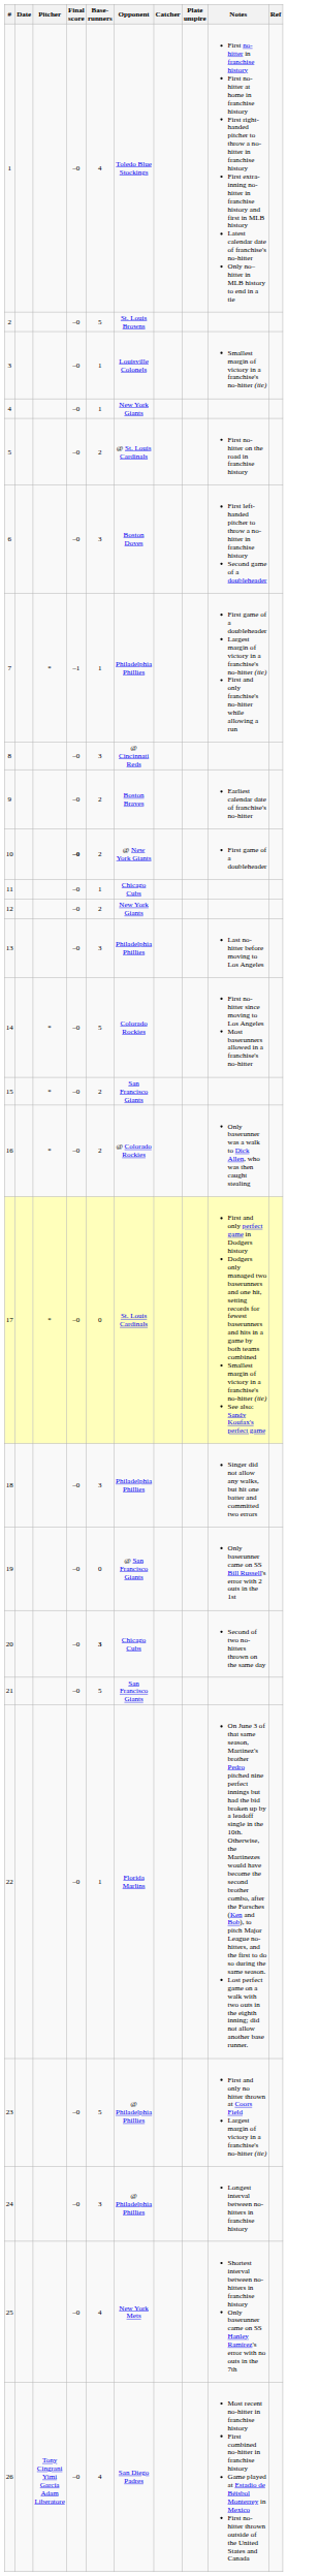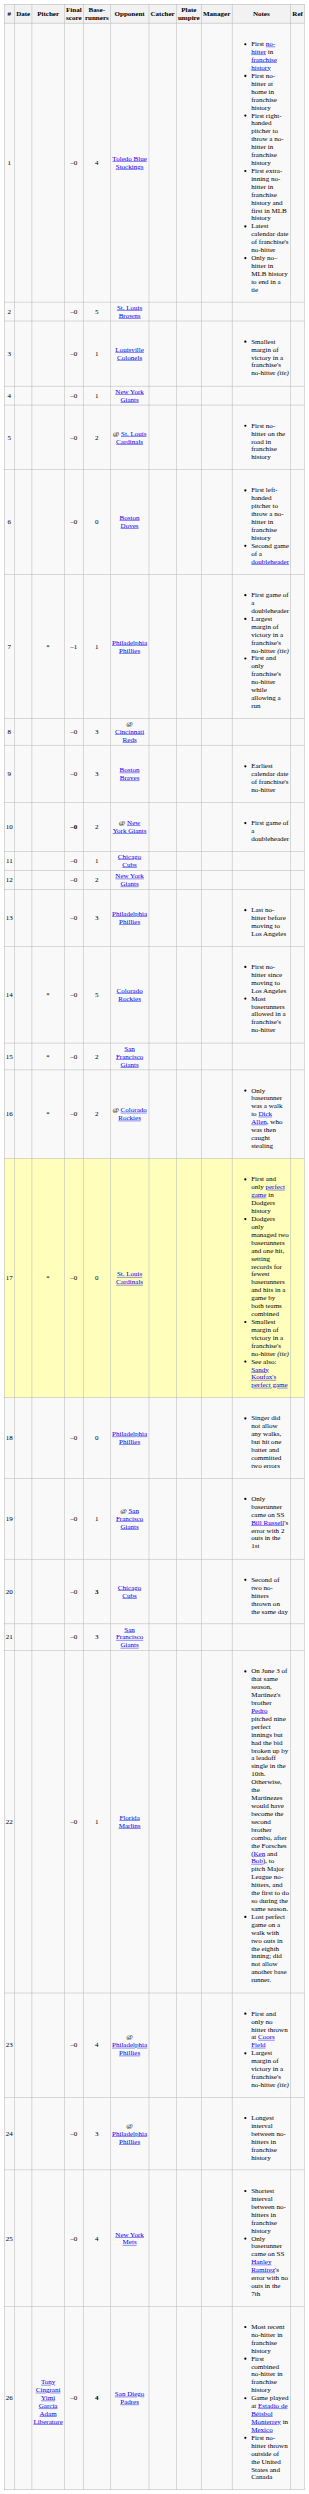 <table class="wikitable sortable" style="text-align:center" border="1">
 <tr>
 <th>#</th>
 <th>Date</th>
 <th>Pitcher</th>
 <th>Final score</th>
 <th>Base-<br>runners</th>
 <th>Opponent</th>
 <th>Catcher</th>
 <th>Plate umpire</th>
+<th>Manager</th>
 <th class="unsortable">Notes</th>
 <th class="unsortable">Ref</th>
 </tr>
 <tr>
 <td>1</td>
 <td></td>
 <td></td>
 <td>–0 </td>
 <td>4</td>
 <td><a href='#'>Toledo Blue Stockings</a></td>
+<td></td>
 <td></td>
 <td></td>
 <td align="left"><br><ul><li>First <a href='#'>no-hitter</a> in <a href='#'>franchise history</a></li><li>First no-hitter at home in franchise history</li><li>First right-handed pitcher to throw a no-hitter in franchise history</li><li>First extra-inning no-hitter in franchise history and first in MLB history</li><li>Latest calendar date of franchise's no-hitter</li><li>Only no–hitter in MLB history to end in a tie</li></ul></td>
 <td></td>
 </tr>
 <tr>
 <td>2</td>
 <td></td>
 <td> </td>
 <td>–0</td>
 <td>5</td>
 <td><a href='#'>St. Louis Browns</a></td>
 <td> </td>
 <td></td>
+<td></td>
 <td align="left"></td>
 <td></td>
 </tr>
 <tr>
 <td>3</td>
 <td></td>
 <td> </td>
 <td>–0</td>
 <td>1</td>
 <td><a href='#'>Louisville Colonels</a></td>
 <td> </td>
 <td></td>
+<td></td>
 <td align="left"><br><ul><li>Smallest margin of victory in a franchise's no-hitter <em>(tie)</em></li></ul></td>
 <td></td>
 </tr>
 <tr>
 <td>4</td>
 <td></td>
 <td></td>
 <td>–0</td>
 <td>1</td>
 <td><a href='#'>New York Giants</a></td>
+<td></td>
 <td></td>
 <td></td>
 <td align="left"></td>
 <td></td>
 </tr>
 <tr>
 <td>5</td>
 <td></td>
 <td></td>
 <td>–0</td>
 <td>2</td>
 <td>@ <a href='#'>St. Louis Cardinals</a></td>
 <td></td>
 <td></td>
+<td> </td>
 <td align="left"><br><ul><li>First no-hitter on the road in franchise history</li></ul></td>
 <td></td>
 </tr>
 <tr>
 <td>6</td>
 <td></td>
 <td></td>
 <td>–0</td>
-<td>3</td>
+<td>0</td>
 <td><a href='#'>Boston Doves</a></td>
 <td></td>
 <td></td>
+<td> </td>
 <td align="left"><br><ul><li>First left-handed pitcher to throw a no-hitter in franchise history</li><li>Second game of a <a href='#'>doubleheader</a></li></ul></td>
 <td></td>
 </tr>
 <tr>
 <td>7</td>
 <td></td>
 <td>*</td>
 <td>–1</td>
 <td>1</td>
 <td><a href='#'>Philadelphia Phillies</a></td>
+<td></td>
 <td></td>
 <td></td>
 <td align="left"><br><ul><li>First game of a doubleheader</li><li>Largest margin of victory in a franchise's no-hitter <em>(tie)</em></li><li>First and only franchise's no-hitter while allowing a run</li></ul></td>
 <td></td>
 </tr>
 <tr>
 <td>8</td>
 <td></td>
 <td></td>
 <td>–0</td>
 <td>3</td>
 <td>@ <a href='#'>Cincinnati Reds</a></td>
 <td></td>
 <td></td>
+<td> </td>
 <td align="left"></td>
 <td></td>
 </tr>
 <tr>
 <td>9</td>
 <td></td>
 <td></td>
 <td>–0</td>
-<td>2</td>
+<td>3</td>
 <td><a href='#'>Boston Braves</a></td>
 <td></td>
+<td> </td>
 <td> </td>
 <td align="left"><br><ul><li>Earliest calendar date of franchise's no-hitter</li></ul></td>
 <td></td>
 </tr>
 <tr>
 <td>10</td>
 <td></td>
 <td></td>
 <td><strong>–0</strong></td>
 <td>2</td>
 <td>@ <a href='#'>New York Giants</a></td>
 <td></td>
 <td> </td>
+<td> </td>
 <td align="left"><br><ul><li>First game of a doubleheader</li></ul></td>
 <td></td>
 </tr>
 <tr>
 <td>11</td>
 <td></td>
 <td> </td>
 <td>–0</td>
 <td>1</td>
 <td><a href='#'>Chicago Cubs</a></td>
 <td> </td>
+<td></td>
 <td></td>
 <td align="left"></td>
 <td></td>
 </tr>
 <tr>
 <td>12</td>
 <td></td>
 <td> </td>
 <td>–0</td>
 <td>2</td>
 <td><a href='#'>New York Giants</a></td>
 <td> </td>
 <td></td>
+<td> </td>
 <td align="left"></td>
 <td></td>
 </tr>
 <tr>
 <td>13</td>
 <td></td>
 <td></td>
 <td>–0</td>
 <td>3</td>
 <td><a href='#'>Philadelphia Phillies</a></td>
 <td> </td>
 <td></td>
+<td> </td>
 <td align="left"><br><ul><li>Last no-hitter before moving to Los Angeles</li></ul></td>
 <td></td>
 </tr>
 <tr>
 <td>14</td>
 <td></td>
 <td>* </td>
 <td>–0</td>
 <td>5</td>
 <td><a href='#'>Colorado Rockies</a></td>
 <td> </td>
 <td></td>
+<td> </td>
 <td align="left"><br><ul><li>First no-hitter since moving to Los Angeles</li><li>Most baserunners allowed in a franchise's no-hitter</li></ul></td>
 <td></td>
 </tr>
 <tr>
 <td>15</td>
 <td></td>
 <td>* </td>
 <td>–0</td>
 <td>2</td>
 <td><a href='#'>San Francisco Giants</a></td>
 <td> </td>
 <td></td>
+<td> </td>
 <td align="left"></td>
 <td></td>
 </tr>
 <tr>
 <td>16</td>
 <td></td>
 <td>* </td>
 <td>–0</td>
 <td>2</td>
 <td>@ <a href='#'>Colorado Rockies</a></td>
 <td></td>
 <td></td>
+<td> </td>
 <td align="left"><br><ul><li>Only baserunner was a walk to <a href='#'>Dick Allen</a>, who was then caught stealing</li></ul></td>
 <td></td>
 </tr>
 <tr bgcolor="#ffffbb">
 <td>17</td>
 <td></td>
 <td>* </td>
 <td>–0</td>
 <td>0</td>
 <td><a href='#'>St. Louis Cardinals</a></td>
 <td> </td>
 <td></td>
+<td> </td>
 <td align="left"><br><ul><li>First and only <a href='#'>perfect game</a> in Dodgers history</li><li>Dodgers only managed two baserunners and one hit, setting records for fewest baserunners and hits in a game by both teams combined</li><li>Smallest margin of victory in a franchise's no-hitter <em>(tie)</em></li><li>See also: <a href='#'>Sandy Koufax's perfect game</a></li></ul></td>
 <td></td>
 </tr>
 <tr>
 <td>18</td>
 <td></td>
 <td></td>
 <td>–0</td>
-<td>3</td>
+<td>0</td>
 <td><a href='#'>Philadelphia Phillies</a></td>
 <td> </td>
 <td></td>
+<td> </td>
 <td align="left"><br><ul><li>Singer did not allow any walks, but hit one batter and committed two errors</li></ul></td>
 <td></td>
 </tr>
 <tr>
 <td>19</td>
 <td></td>
 <td></td>
 <td>–0</td>
-<td>0</td>
+<td>1</td>
 <td>@ <a href='#'>San Francisco Giants</a></td>
 <td></td>
 <td></td>
+<td> </td>
 <td align="left"><br><ul><li>Only baserunner came on SS <a href='#'>Bill Russell</a>'s error with 2 outs in the 1st</li></ul></td>
 <td></td>
 </tr>
 <tr>
 <td>20</td>
 <td></td>
 <td></td>
 <td>–0</td>
 <td><strong>3</strong></td>
 <td><a href='#'>Chicago Cubs</a></td>
 <td> </td>
 <td></td>
+<td> </td>
 <td align="left"><br><ul><li>Second of two no-hitters thrown on the same day</li></ul></td>
 <td></td>
 </tr>
 <tr>
 <td>21</td>
 <td></td>
 <td></td>
 <td>–0</td>
-<td>5</td>
+<td>3</td>
 <td><a href='#'>San Francisco Giants</a></td>
 <td> </td>
 <td></td>
+<td> </td>
 <td align="left"></td>
 <td></td>
 </tr>
 <tr>
 <td>22</td>
 <td></td>
 <td></td>
 <td>–0</td>
 <td>1</td>
 <td><a href='#'>Florida Marlins</a></td>
 <td> </td>
 <td></td>
+<td> </td>
 <td align="left"><br><ul><li>On June 3 of that same season, Martínez's brother <a href='#'>Pedro</a> pitched nine perfect innings but had the bid broken up by a leadoff single in the 10th. Otherwise, the Martínezes would have become the second brother combo, after the Forsches (<a href='#'>Ken</a> and <a href='#'>Bob</a>), to pitch Major League no-hitters, and the first to do so during the same season.</li><li>Lost perfect game on a walk with two outs in the eighth inning; did not allow another base runner.</li></ul></td>
 <td></td>
 </tr>
 <tr>
 <td>23</td>
 <td></td>
 <td></td>
 <td>–0</td>
-<td>5</td>
+<td>4</td>
 <td>@ <a href='#'>Philadelphia Phillies</a></td>
 <td> </td>
+<td></td>
 <td></td>
 <td align="left"><br><ul><li>First and only no hitter thrown at <a href='#'>Coors Field</a></li><li>Largest margin of victory in a franchise's no-hitter <em>(tie)</em></li></ul></td>
 <td></td>
 </tr>
 <tr>
 <td>24</td>
 <td></td>
 <td></td>
 <td>–0</td>
 <td>3</td>
 <td>@ <a href='#'>Philadelphia Phillies</a></td>
 <td></td>
 <td></td>
+<td> </td>
 <td align="left"><br><ul><li>Longest interval between no-hitters in franchise history</li></ul></td>
 <td></td>
 </tr>
 <tr>
 <td>25</td>
 <td></td>
 <td></td>
 <td>–0</td>
 <td>4</td>
 <td><a href='#'>New York Mets</a></td>
 <td></td>
 <td></td>
+<td> </td>
 <td align="left"><br><ul><li>Shortest interval between no-hitters in franchise history</li><li>Only baserunner came on SS <a href='#'>Hanley Ramírez</a>'s error with no outs in the 7th</li></ul></td>
 <td></td>
 </tr>
 <tr>
 <td>26</td>
 <td></td>
 <td> <br><a href='#'>Tony Cingrani</a> <br><a href='#'>Yimi García</a> <br><a href='#'>Adam Liberatore</a> </td>
 <td>–0</td>
-<td>4</td>
+<td><strong>4</strong></td>
 <td><a href='#'>San Diego Padres</a></td>
+<td></td>
 <td></td>
 <td></td>
 <td align="left"><br><ul><li>Most recent no-hitter in franchise history</li><li>First combined no-hitter in franchise history</li><li>Game played at <a href='#'>Estadio de Béisbol Monterrey</a> in <a href='#'>Mexico</a></li><li>First no-hitter thrown outside of the United States and Canada</li></ul></td>
 <td></td>
 </tr>
 </table>
